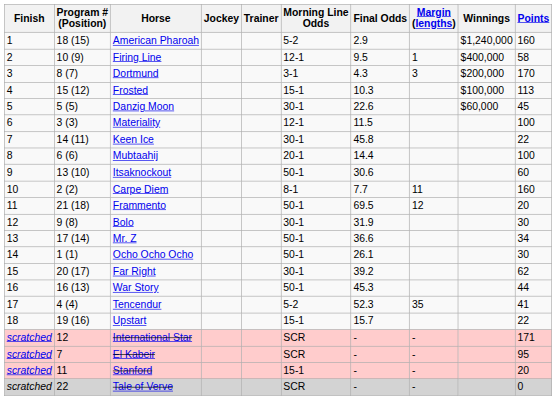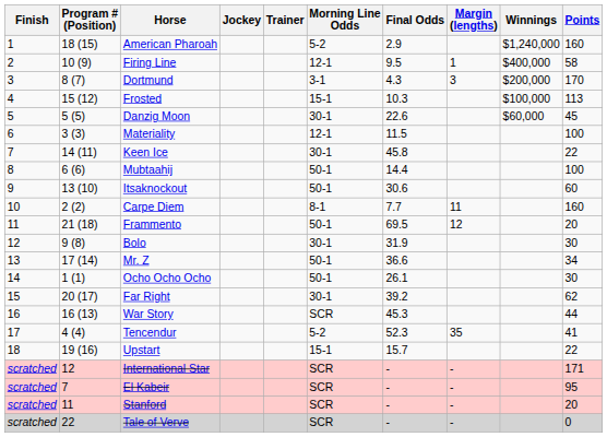 <table class="sortable wikitable">
 <tr>
 <th scope="col"><strong>Finish</strong></th>
 <th scope="col"><strong>Program #</strong><br>(Position)</th>
 <th scope="col"><strong>Horse</strong></th>
 <th scope="col"><strong>Jockey</strong></th>
 <th scope="col"><strong>Trainer</strong></th>
 <th scope="col" class="unsortable"><strong>Morning Line<br>Odds</strong></th>
 <th scope="col"><strong>Final Odds</strong></th>
 <th scope="col"><strong><a href='#'>Margin</a></strong><br>(<a href='#'>lengths</a>)</th>
 <th scope="col"><strong>Winnings</strong></th>
 <th scope="col"><strong><a href='#'>Points</a></strong></th>
 </tr>
 <tr>
 <td>1</td>
 <td>18 (15)</td>
 <td><a href='#'>American Pharoah</a></td>
 <td></td>
 <td></td>
 <td>5-2</td>
 <td>2.9</td>
 <td></td>
 <td>$1,240,000</td>
 <td>160</td>
 </tr>
 <tr>
 <td>2</td>
 <td>10 (9)</td>
 <td><a href='#'>Firing Line</a></td>
 <td></td>
 <td></td>
 <td>12-1</td>
 <td>9.5</td>
 <td>1</td>
 <td>$400,000</td>
 <td>58</td>
 </tr>
 <tr>
 <td>3</td>
 <td>8 (7)</td>
 <td><a href='#'>Dortmund</a></td>
 <td></td>
 <td></td>
 <td>3-1</td>
 <td>4.3</td>
 <td>3</td>
 <td>$200,000</td>
 <td>170</td>
 </tr>
 <tr>
 <td>4</td>
 <td>15 (12)</td>
 <td><a href='#'>Frosted</a></td>
 <td></td>
 <td></td>
 <td>15-1</td>
 <td>10.3</td>
 <td></td>
 <td>$100,000</td>
 <td>113</td>
 </tr>
 <tr>
 <td>5</td>
 <td>5 (5)</td>
 <td><a href='#'>Danzig Moon</a></td>
 <td></td>
 <td></td>
 <td>30-1</td>
 <td>22.6</td>
 <td></td>
 <td>$60,000</td>
 <td>45</td>
 </tr>
 <tr>
 <td>6</td>
 <td>3 (3)</td>
 <td><a href='#'>Materiality</a></td>
 <td></td>
 <td></td>
 <td>12-1</td>
 <td>11.5</td>
 <td></td>
 <td></td>
 <td>100</td>
 </tr>
 <tr>
 <td>7</td>
 <td>14 (11)</td>
 <td><a href='#'>Keen Ice</a></td>
 <td></td>
 <td></td>
 <td>30-1</td>
 <td>45.8</td>
 <td></td>
 <td></td>
 <td>22</td>
 </tr>
 <tr>
 <td>8</td>
 <td>6 (6)</td>
 <td><a href='#'>Mubtaahij</a></td>
 <td></td>
 <td></td>
-<td>20-1</td>
+<td>50-1</td>
 <td>14.4</td>
 <td></td>
 <td></td>
 <td>100</td>
 </tr>
 <tr>
 <td>9</td>
 <td>13 (10)</td>
 <td><a href='#'>Itsaknockout</a></td>
 <td></td>
 <td></td>
 <td>50-1</td>
 <td>30.6</td>
 <td></td>
 <td></td>
 <td>60</td>
 </tr>
 <tr>
 <td>10</td>
 <td>2 (2)</td>
 <td><a href='#'>Carpe Diem</a></td>
 <td></td>
 <td></td>
 <td>8-1</td>
 <td>7.7</td>
 <td>11</td>
 <td></td>
 <td>160</td>
 </tr>
 <tr>
 <td>11</td>
 <td>21 (18)</td>
 <td><a href='#'>Frammento</a></td>
 <td></td>
 <td></td>
 <td>50-1</td>
 <td>69.5</td>
 <td>12</td>
 <td></td>
 <td>20</td>
 </tr>
 <tr>
 <td>12</td>
 <td>9 (8)</td>
 <td><a href='#'>Bolo</a></td>
 <td></td>
 <td></td>
 <td>30-1</td>
 <td>31.9</td>
 <td></td>
 <td></td>
 <td>30</td>
 </tr>
 <tr>
 <td>13</td>
 <td>17 (14)</td>
 <td><a href='#'>Mr. Z</a></td>
 <td></td>
 <td></td>
 <td>50-1</td>
 <td>36.6</td>
 <td></td>
 <td></td>
 <td>34</td>
 </tr>
 <tr>
 <td>14</td>
 <td>1 (1)</td>
 <td><a href='#'>Ocho Ocho Ocho</a></td>
 <td></td>
 <td></td>
 <td>50-1</td>
 <td>26.1</td>
 <td></td>
 <td></td>
 <td>30</td>
 </tr>
 <tr>
 <td>15</td>
 <td>20 (17)</td>
 <td><a href='#'>Far Right</a></td>
 <td></td>
 <td></td>
 <td>30-1</td>
 <td>39.2</td>
 <td></td>
 <td></td>
 <td>62</td>
 </tr>
 <tr>
 <td>16</td>
 <td>16 (13)</td>
 <td><a href='#'>War Story</a></td>
 <td></td>
 <td></td>
-<td>50-1</td>
+<td>SCR</td>
 <td>45.3</td>
 <td></td>
 <td></td>
 <td>44</td>
 </tr>
 <tr>
 <td>17</td>
 <td>4 (4)</td>
 <td><a href='#'>Tencendur</a></td>
 <td></td>
 <td></td>
 <td>5-2</td>
 <td>52.3</td>
 <td>35</td>
 <td></td>
 <td>41</td>
 </tr>
 <tr>
 <td>18</td>
 <td>19 (16)</td>
 <td><a href='#'>Upstart</a></td>
 <td></td>
 <td></td>
 <td>15-1</td>
 <td>15.7</td>
 <td></td>
 <td></td>
 <td>22</td>
 </tr>
 <tr bgcolor=#FFCCCC>
 <td><em><a href='#'>scratched</a></em></td>
 <td>12</td>
 <td><s><a href='#'>International Star</a></s></td>
 <td><s></s></td>
 <td><s></s></td>
 <td>SCR</td>
 <td>-</td>
 <td>-</td>
 <td></td>
 <td>171</td>
 </tr>
 <tr bgcolor=#FFCCCC>
 <td><em><a href='#'>scratched</a></em></td>
 <td>7</td>
 <td><s><a href='#'>El Kabeir</a></s></td>
 <td><s></s></td>
 <td><s></s></td>
 <td>SCR</td>
 <td>-</td>
 <td>-</td>
 <td></td>
 <td>95</td>
 </tr>
 <tr bgcolor=#FFCCCC>
 <td><em><a href='#'>scratched</a></em></td>
 <td>11</td>
 <td><s><a href='#'>Stanford</a></s></td>
 <td><s></s></td>
 <td><s></s></td>
-<td>15-1</td>
+<td>SCR</td>
 <td>-</td>
 <td>-</td>
 <td></td>
 <td>20</td>
 </tr>
 <tr bgcolor="lightgray">
 <td><em>scratched</em></td>
 <td>22</td>
 <td><s><a href='#'>Tale of Verve</a></s></td>
 <td><s></s></td>
 <td><s></s></td>
 <td>SCR</td>
 <td>-</td>
 <td>-</td>
 <td></td>
 <td>0</td>
 </tr>
 </table>
